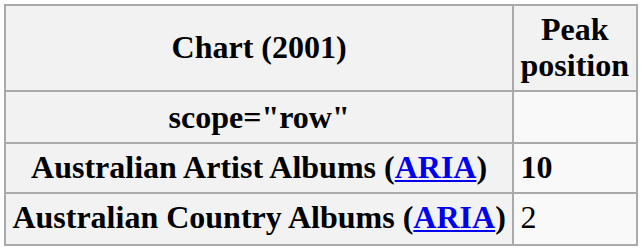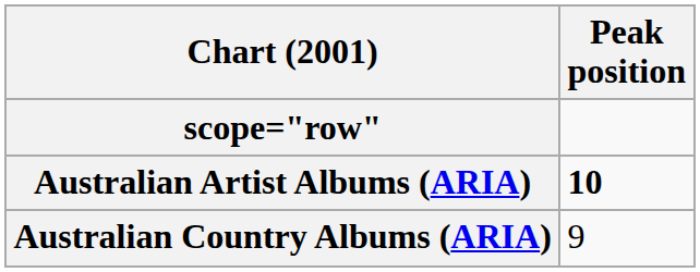 <table class="wikitable sortable plainrowheaders">
 <tr>
 <th scope="col">Chart (2001)</th>
 <th scope="col">Peak<br>position</th>
 </tr>
 <tr>
 <th>scope="row"</th>
 </tr>
 <tr>
 <th scope="row">Australian Artist Albums (<a href='#'>ARIA</a>)</th>
 <td><strong>10</strong></td>
 </tr>
 <tr>
 <th scope="row">Australian Country Albums (<a href='#'>ARIA</a>)</th>
-<td>2</td>
+<td>9</td>
 </tr>
 <tr>
 </tr>
 </table>
